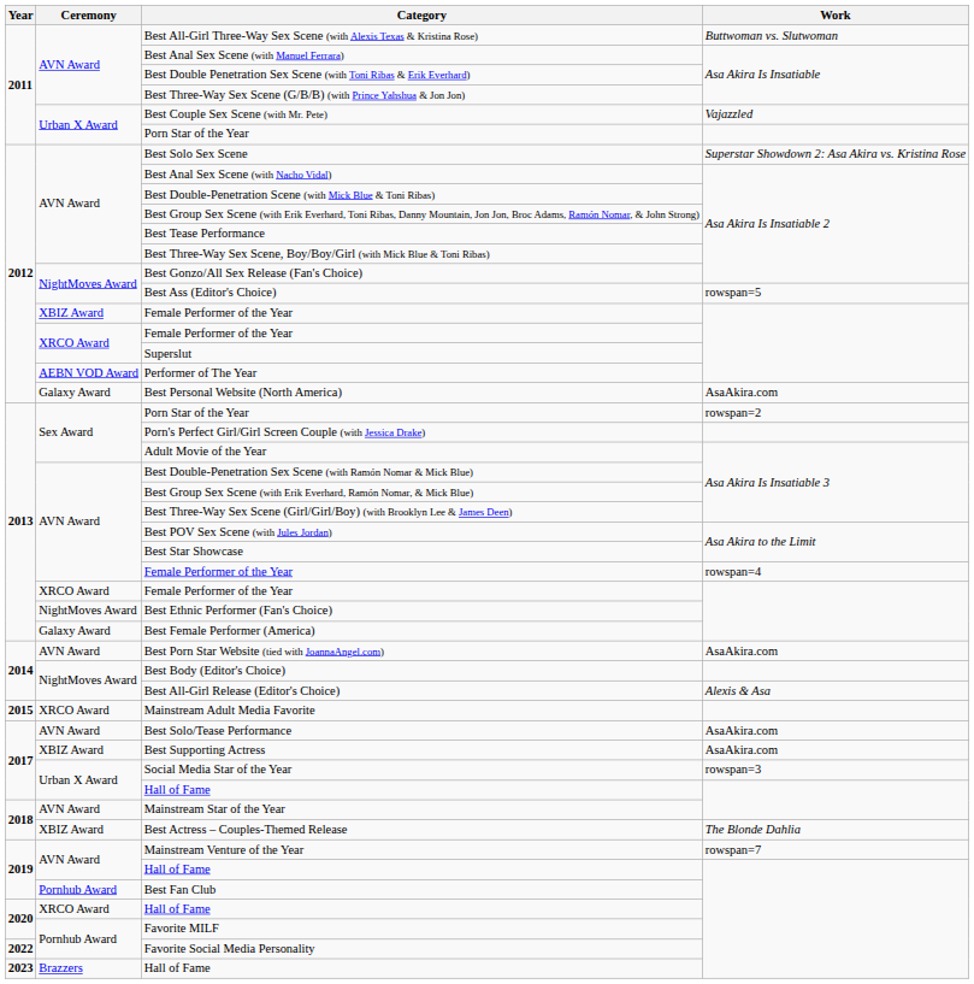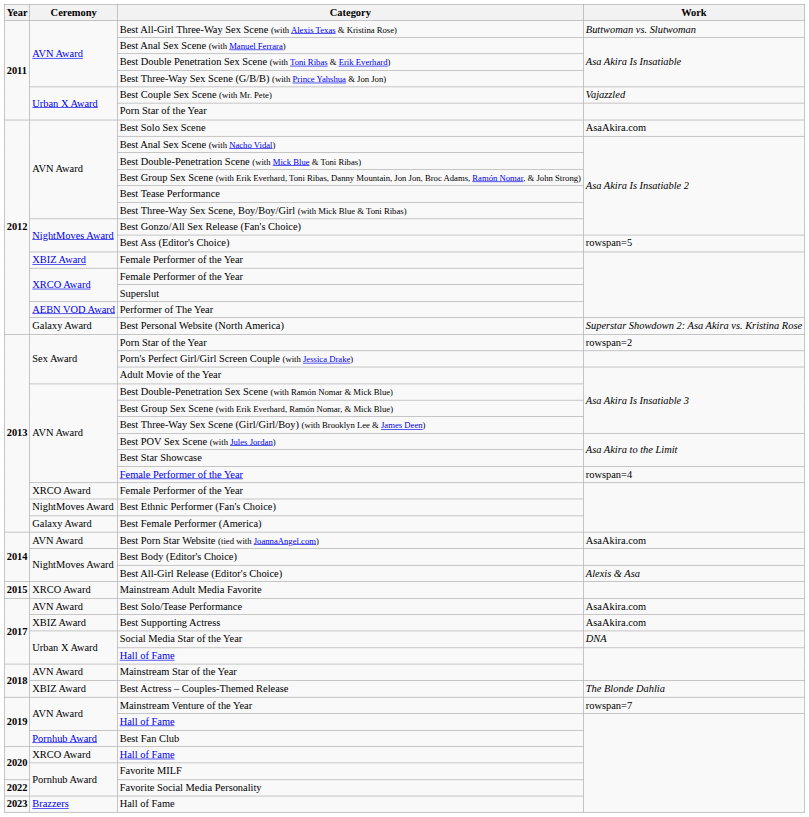 <table class="wikitable">
 <tr>
 <th>Year</th>
 <th>Ceremony</th>
 <th>Category</th>
 <th>Work</th>
 </tr>
 <tr>
 <td rowspan="6"><strong>2011</strong></td>
 <td rowspan="4"><a href='#'>AVN Award</a></td>
 <td>Best All-Girl Three-Way Sex Scene <small>(with <a href='#'>Alexis Texas</a> & Kristina Rose)</small></td>
 <td><em>Buttwoman vs. Slutwoman</em></td>
 </tr>
 <tr>
 <td>Best Anal Sex Scene <small>(with <a href='#'>Manuel Ferrara</a>)</small></td>
 <td rowspan="3"><em>Asa Akira Is Insatiable</em></td>
 </tr>
 <tr>
 <td>Best Double Penetration Sex Scene <small>(with <a href='#'>Toni Ribas</a> & <a href='#'>Erik Everhard</a>)</small></td>
 </tr>
 <tr>
 <td>Best Three-Way Sex Scene (G/B/B) <small>(with <a href='#'>Prince Yahshua</a> & Jon Jon)</small></td>
 </tr>
 <tr>
 <td rowspan="2"><a href='#'>Urban X Award</a></td>
 <td>Best Couple Sex Scene <small>(with Mr. Pete)</small></td>
 <td><em>Vajazzled</em></td>
 </tr>
 <tr>
 <td>Porn Star of the Year</td>
 <td></td>
 </tr>
 <tr>
 <td rowspan="13"><strong>2012</strong></td>
 <td rowspan="6">AVN Award</td>
 <td>Best Solo Sex Scene</td>
-<td><em>Superstar Showdown 2: Asa Akira vs. Kristina Rose</em></td>
+<td>AsaAkira.com</td>
 </tr>
 <tr>
 <td>Best Anal Sex Scene <small>(with <a href='#'>Nacho Vidal</a>)</small></td>
 <td rowspan="6"><em>Asa Akira Is Insatiable 2</em></td>
 </tr>
 <tr>
 <td>Best Double-Penetration Scene <small>(with <a href='#'>Mick Blue</a> & Toni Ribas)</small></td>
 </tr>
 <tr>
 <td>Best Group Sex Scene <small>(with Erik Everhard, Toni Ribas, Danny Mountain, Jon Jon, Broc Adams, <a href='#'>Ramón Nomar</a>, & John Strong)</small></td>
 </tr>
 <tr>
 <td>Best Tease Performance</td>
 </tr>
 <tr>
 <td>Best Three-Way Sex Scene, Boy/Boy/Girl <small>(with Mick Blue & Toni Ribas)</small></td>
 </tr>
 <tr>
 <td rowspan=2><a href='#'>NightMoves Award</a></td>
 <td>Best Gonzo/All Sex Release (Fan's Choice)</td>
 </tr>
 <tr>
 <td>Best Ass (Editor's Choice)</td>
 <td>rowspan=5 </td>
 </tr>
 <tr>
 <td><a href='#'>XBIZ Award</a></td>
 <td>Female Performer of the Year</td>
 </tr>
 <tr>
 <td rowspan="2"><a href='#'>XRCO Award</a></td>
 <td>Female Performer of the Year</td>
 </tr>
 <tr>
 <td>Superslut</td>
 </tr>
 <tr>
 <td><a href='#'>AEBN VOD Award</a></td>
 <td>Performer of The Year</td>
 </tr>
 <tr>
 <td>Galaxy Award</td>
 <td>Best Personal Website (North America)</td>
-<td>AsaAkira.com</td>
+<td><em>Superstar Showdown 2: Asa Akira vs. Kristina Rose</em></td>
 </tr>
 <tr>
 <td rowspan="12"><strong>2013</strong></td>
 <td rowspan="3">Sex Award</td>
 <td>Porn Star of the Year</td>
 <td>rowspan=2 </td>
 </tr>
 <tr>
 <td>Porn's Perfect Girl/Girl Screen Couple <small>(with <a href='#'>Jessica Drake</a>)</small></td>
 </tr>
 <tr>
 <td>Adult Movie of the Year</td>
 <td rowspan="4"><em>Asa Akira Is Insatiable 3</em></td>
 </tr>
 <tr>
 <td rowspan="6">AVN Award</td>
 <td>Best Double-Penetration Sex Scene <small>(with Ramón Nomar & Mick Blue)</small></td>
 </tr>
 <tr>
 <td>Best Group Sex Scene <small>(with Erik Everhard, Ramón Nomar, & Mick Blue)</small></td>
 </tr>
 <tr>
 <td>Best Three-Way Sex Scene (Girl/Girl/Boy) <small>(with Brooklyn Lee & <a href='#'>James Deen</a>)</small></td>
 </tr>
 <tr>
 <td>Best POV Sex Scene <small>(with <a href='#'>Jules Jordan</a>)</small></td>
 <td rowspan="2"><em>Asa Akira to the Limit</em></td>
 </tr>
 <tr>
 <td>Best Star Showcase</td>
 </tr>
 <tr>
 <td><a href='#'>Female Performer of the Year</a></td>
 <td>rowspan=4 </td>
 </tr>
 <tr>
 <td>XRCO Award</td>
 <td>Female Performer of the Year</td>
 </tr>
 <tr>
 <td>NightMoves Award</td>
 <td>Best Ethnic Performer (Fan's Choice)</td>
 </tr>
 <tr>
 <td>Galaxy Award</td>
 <td>Best Female Performer (America)</td>
 </tr>
 <tr>
 <td rowspan="3"><strong>2014</strong></td>
 <td>AVN Award</td>
 <td>Best Porn Star Website <small>(tied with <a href='#'>JoannaAngel.com</a>)</small></td>
 <td>AsaAkira.com</td>
 </tr>
 <tr>
 <td rowspan=2>NightMoves Award</td>
 <td>Best Body (Editor's Choice)</td>
 <td></td>
 </tr>
 <tr>
 <td>Best All-Girl Release (Editor's Choice)</td>
 <td><em>Alexis & Asa</em></td>
 </tr>
 <tr>
 <td><strong>2015</strong></td>
 <td>XRCO Award</td>
 <td>Mainstream Adult Media Favorite</td>
 <td></td>
 </tr>
 <tr>
 <td rowspan="4"><strong>2017</strong></td>
 <td>AVN Award</td>
 <td>Best Solo/Tease Performance</td>
 <td>AsaAkira.com</td>
 </tr>
 <tr>
 <td>XBIZ Award</td>
 <td>Best Supporting Actress</td>
 <td>AsaAkira.com</td>
 </tr>
 <tr>
 <td rowspan=2>Urban X Award</td>
 <td>Social Media Star of the Year</td>
-<td>rowspan=3 </td>
+<td><em>DNA</em></td>
 </tr>
 <tr>
 <td><a href='#'>Hall of Fame</a></td>
 </tr>
 <tr>
 <td rowspan="2"><strong>2018</strong></td>
 <td>AVN Award</td>
 <td>Mainstream Star of the Year</td>
 </tr>
 <tr>
 <td>XBIZ Award</td>
 <td>Best Actress – Couples-Themed Release</td>
 <td><em>The Blonde Dahlia</em></td>
 </tr>
 <tr>
 <td rowspan="3"><strong>2019</strong></td>
 <td rowspan="2">AVN Award</td>
 <td>Mainstream Venture of the Year</td>
 <td>rowspan=7 </td>
 </tr>
 <tr>
 <td><a href='#'>Hall of Fame</a></td>
 </tr>
 <tr>
 <td><a href='#'>Pornhub Award</a></td>
 <td>Best Fan Club</td>
 </tr>
 <tr>
 <td rowspan="2"><strong>2020</strong></td>
 <td>XRCO Award</td>
 <td><a href='#'>Hall of Fame</a></td>
 </tr>
 <tr>
 <td rowspan="2">Pornhub Award</td>
 <td>Favorite MILF</td>
 </tr>
 <tr>
 <td><strong>2022</strong></td>
 <td>Favorite Social Media Personality</td>
 </tr>
 <tr>
 <td><strong>2023</strong></td>
 <td><a href='#'>Brazzers</a></td>
 <td>Hall of Fame</td>
 </tr>
 </table>
